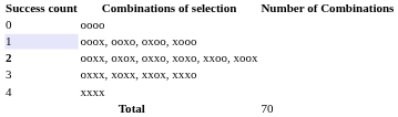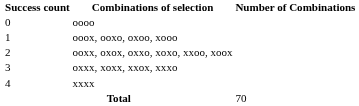 <table class="wikitabe">
 <tr>
 <th scope="col">Success count</th>
 <th scope="col">Combinations of selection</th>
 <th scope="col">Number of Combinations</th>
 </tr>
 <tr>
 <td>0</td>
 <td>oooo</td>
 <td></td>
 </tr>
 <tr>
-<td style="background: lavender;">1</td>
+<td>1</td>
 <td>ooox, ooxo, oxoo, xooo</td>
 <td></td>
 </tr>
 <tr>
-<td><strong>2</strong></td>
+<td>2</td>
 <td>ooxx, oxox, oxxo, xoxo, xxoo, xoox</td>
 <td></td>
 </tr>
 <tr>
 <td>3</td>
 <td>oxxx, xoxx, xxox, xxxo</td>
 <td></td>
 </tr>
 <tr>
 <td>4</td>
 <td>xxxx</td>
 <td></td>
 </tr>
 <tr>
 <th colspan="2" scope="row">Total</th>
 <td>70</td>
 </tr>
 </table>
